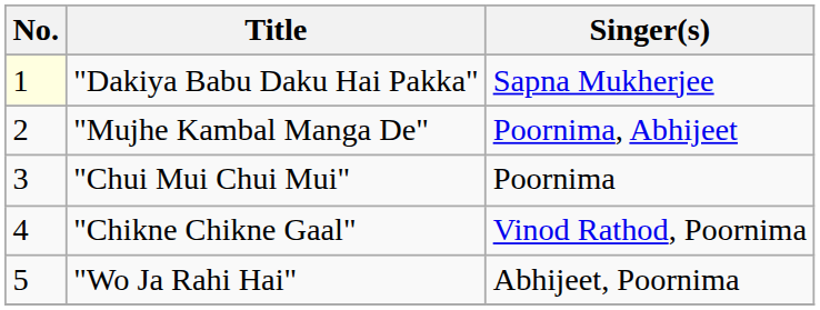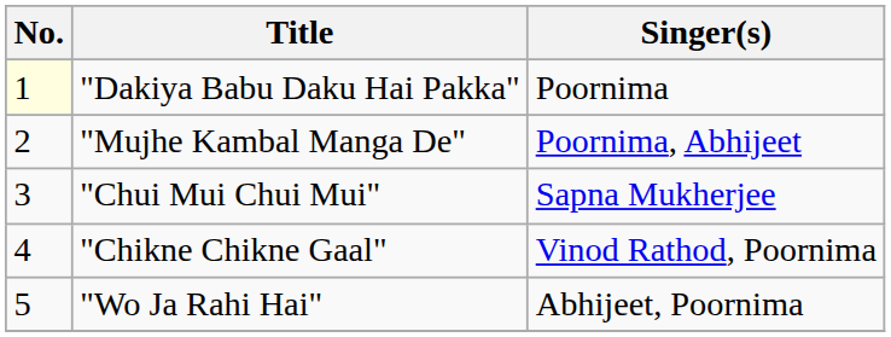 <table class=wikitable>
 <tr>
 <th>No.</th>
 <th>Title</th>
 <th>Singer(s)</th>
 </tr>
 <tr>
 <td style="background: lightyellow;">1</td>
 <td>"Dakiya Babu Daku Hai Pakka"</td>
-<td><a href='#'>Sapna Mukherjee</a></td>
+<td>Poornima</td>
 </tr>
 <tr>
 <td>2</td>
 <td>"Mujhe Kambal Manga De"</td>
 <td><a href='#'>Poornima</a>, <a href='#'>Abhijeet</a></td>
 </tr>
 <tr>
 <td>3</td>
 <td>"Chui Mui Chui Mui"</td>
-<td>Poornima</td>
+<td><a href='#'>Sapna Mukherjee</a></td>
 </tr>
 <tr>
 <td>4</td>
 <td>"Chikne Chikne Gaal"</td>
 <td><a href='#'>Vinod Rathod</a>, Poornima</td>
 </tr>
 <tr>
 <td>5</td>
 <td>"Wo Ja Rahi Hai"</td>
 <td>Abhijeet, Poornima</td>
 </tr>
 <tr>
 </tr>
 </table>
